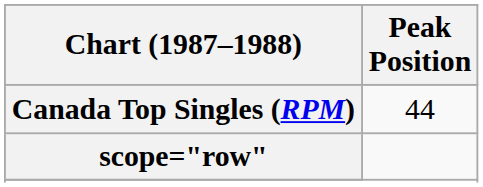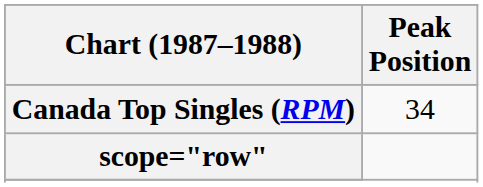 <table class="wikitable sortable plainrowheaders">
 <tr>
 <th align="center">Chart (1987–1988)</th>
 <th align="center">Peak<br>Position</th>
 </tr>
 <tr>
 <th scope="row">Canada Top Singles (<em><a href='#'>RPM</a></em>)</th>
-<td align="center">44</td>
+<td align="center">34</td>
 </tr>
 <tr>
 <th>scope="row" </th>
 </tr>
 <tr>
 </tr>
 <tr>
 </tr>
 <tr>
 </tr>
 <tr>
 </tr>
 </table>
